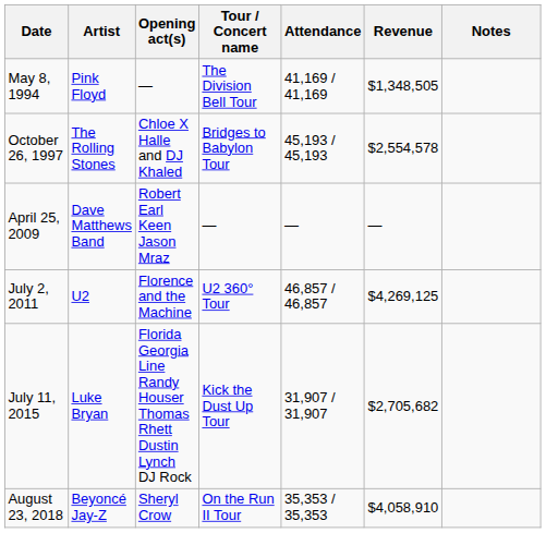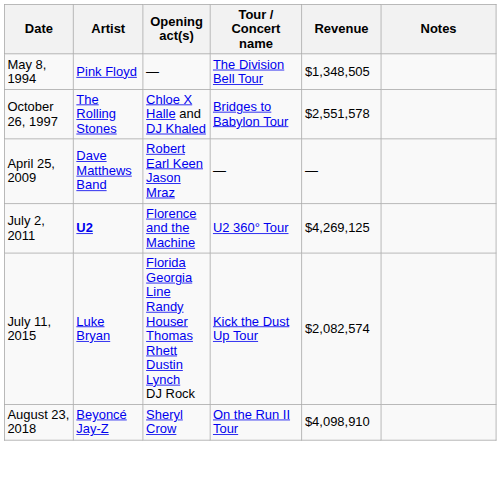 <table class="wikitable" style=font-size:100% style="text-align:center">
 <tr>
 <th width=12% style="text-align:center;">Date</th>
 <th width=10% style="text-align:center;">Artist</th>
 <th width=10% style="text-align:center;">Opening act(s)</th>
 <th width=16% style="text-align:center;">Tour / Concert name</th>
-<th width=10% style="text-align:center;">Attendance</th>
 <th width=10% style="text-align:center;">Revenue</th>
 <th width=20% style="text-align:center;">Notes</th>
 </tr>
 <tr>
 <td>May 8, 1994</td>
 <td><a href='#'>Pink Floyd</a></td>
 <td>—</td>
 <td><a href='#'>The Division Bell Tour</a></td>
-<td>41,169 / 41,169</td>
 <td>$1,348,505</td>
 <td></td>
 </tr>
 <tr>
 <td>October 26, 1997</td>
 <td><a href='#'>The Rolling Stones</a></td>
 <td><a href='#'>Chloe X Halle</a> and <a href='#'>DJ Khaled</a></td>
 <td><a href='#'>Bridges to Babylon Tour</a></td>
-<td>45,193 / 45,193</td>
-<td>$2,554,578</td>
+<td>$2,551,578</td>
 <td></td>
 </tr>
 <tr>
 <td>April 25, 2009</td>
 <td><a href='#'>Dave Matthews Band</a></td>
 <td><a href='#'>Robert Earl Keen</a><br><a href='#'>Jason Mraz</a></td>
 <td>—</td>
 <td>—</td>
-<td>—</td>
 <td></td>
 </tr>
 <tr>
 <td>July 2, 2011</td>
-<td><a href='#'>U2</a></td>
+<td><strong><a href='#'>U2</a></strong></td>
 <td><a href='#'>Florence and the Machine</a></td>
 <td><a href='#'>U2 360° Tour</a></td>
-<td>46,857 / 46,857</td>
 <td>$4,269,125</td>
 <td></td>
 </tr>
 <tr>
 <td>July 11, 2015</td>
 <td><a href='#'>Luke Bryan</a></td>
 <td><a href='#'>Florida Georgia Line</a><br><a href='#'>Randy Houser</a><br><a href='#'>Thomas Rhett</a><br><a href='#'>Dustin Lynch</a><br>DJ Rock</td>
 <td><a href='#'>Kick the Dust Up Tour</a></td>
-<td>31,907 / 31,907</td>
-<td>$2,705,682</td>
+<td>$2,082,574</td>
 <td></td>
 </tr>
 <tr>
 <td>August 23, 2018</td>
 <td><a href='#'>Beyoncé</a><br><a href='#'>Jay-Z</a></td>
 <td><a href='#'>Sheryl Crow</a></td>
 <td><a href='#'>On the Run II Tour</a></td>
-<td>35,353 / 35,353</td>
-<td>$4,058,910</td>
+<td>$4,098,910</td>
 <td></td>
 </tr>
 </table>
